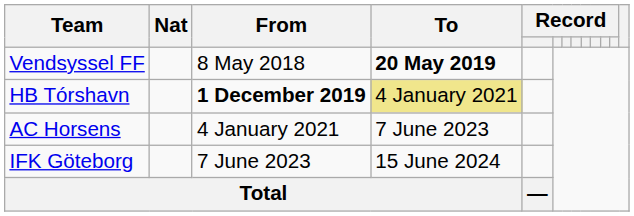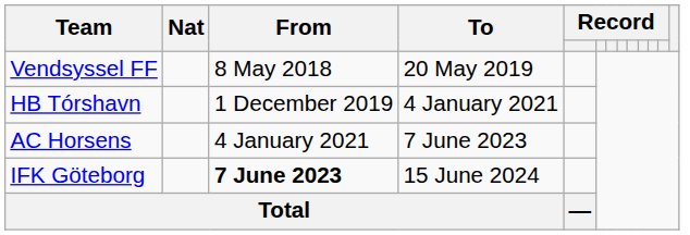 <table class="wikitable" style="text-align: center">
 <tr>
 <th rowspan="2">Team</th>
 <th rowspan="2">Nat</th>
 <th rowspan="2">From</th>
 <th rowspan="2">To</th>
 <th colspan="8">Record</th>
 <th rowspan=2></th>
 </tr>
 <tr>
 <th></th>
 <th></th>
 <th></th>
 <th></th>
 <th></th>
 <th></th>
 <th></th>
 <th></th>
 </tr>
 <tr>
 <td align=left><a href='#'>Vendsyssel FF</a></td>
 <td></td>
 <td align=left>8 May 2018</td>
-<td align=left><strong>20 May 2019<br></strong></td>
+<td align=left>20 May 2019<br></td>
 <td></td>
 </tr>
 <tr>
 <td align=left><a href='#'>HB Tórshavn</a></td>
 <td></td>
-<td align=left><strong>1 December 2019</strong></td>
-<td align=left style="background: khaki;">4 January 2021<br></td>
+<td align=left>1 December 2019</td>
+<td align=left>4 January 2021<br></td>
 <td></td>
 </tr>
 <tr>
 <td align=left><a href='#'>AC Horsens</a></td>
 <td></td>
 <td align=left>4 January 2021</td>
 <td align=left>7 June 2023<br></td>
 <td></td>
 </tr>
 <tr>
 <td align=left><a href='#'>IFK Göteborg</a></td>
 <td></td>
-<td align=left>7 June 2023</td>
+<td align=left><strong>7 June 2023</strong></td>
 <td align=left>15 June 2024<br></td>
 <td></td>
 </tr>
 <tr>
 <th colspan="4">Total<br></th>
 <th>—</th>
 </tr>
 </table>
